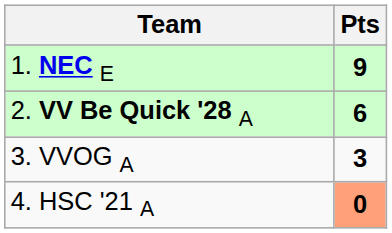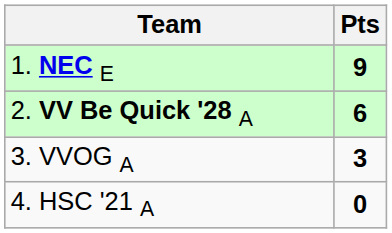 <table class="wikitable" style="text-align:center; float:left; margin-right:1em">
 <tr>
 <th style="width:200px">Team</th>
 <th width=20>Pts</th>
 </tr>
 <tr bgcolor=ccffcc>
 <td align=left>1. <strong><a href='#'>NEC</a></strong> <sub>E</sub></td>
 <td><strong>9</strong></td>
 </tr>
 <tr bgcolor=ccffcc>
 <td align=left>2. <strong>VV Be Quick '28</strong> <sub>A</sub></td>
 <td><strong>6</strong></td>
 </tr>
 <tr>
 <td align=left>3. VVOG <sub>A</sub></td>
 <td><strong>3</strong></td>
 </tr>
 <tr>
 <td align=left>4. HSC '21 <sub>A</sub></td>
-<td style="background: lightsalmon;"><strong>0</strong></td>
+<td><strong>0</strong></td>
 </tr>
 </table>
